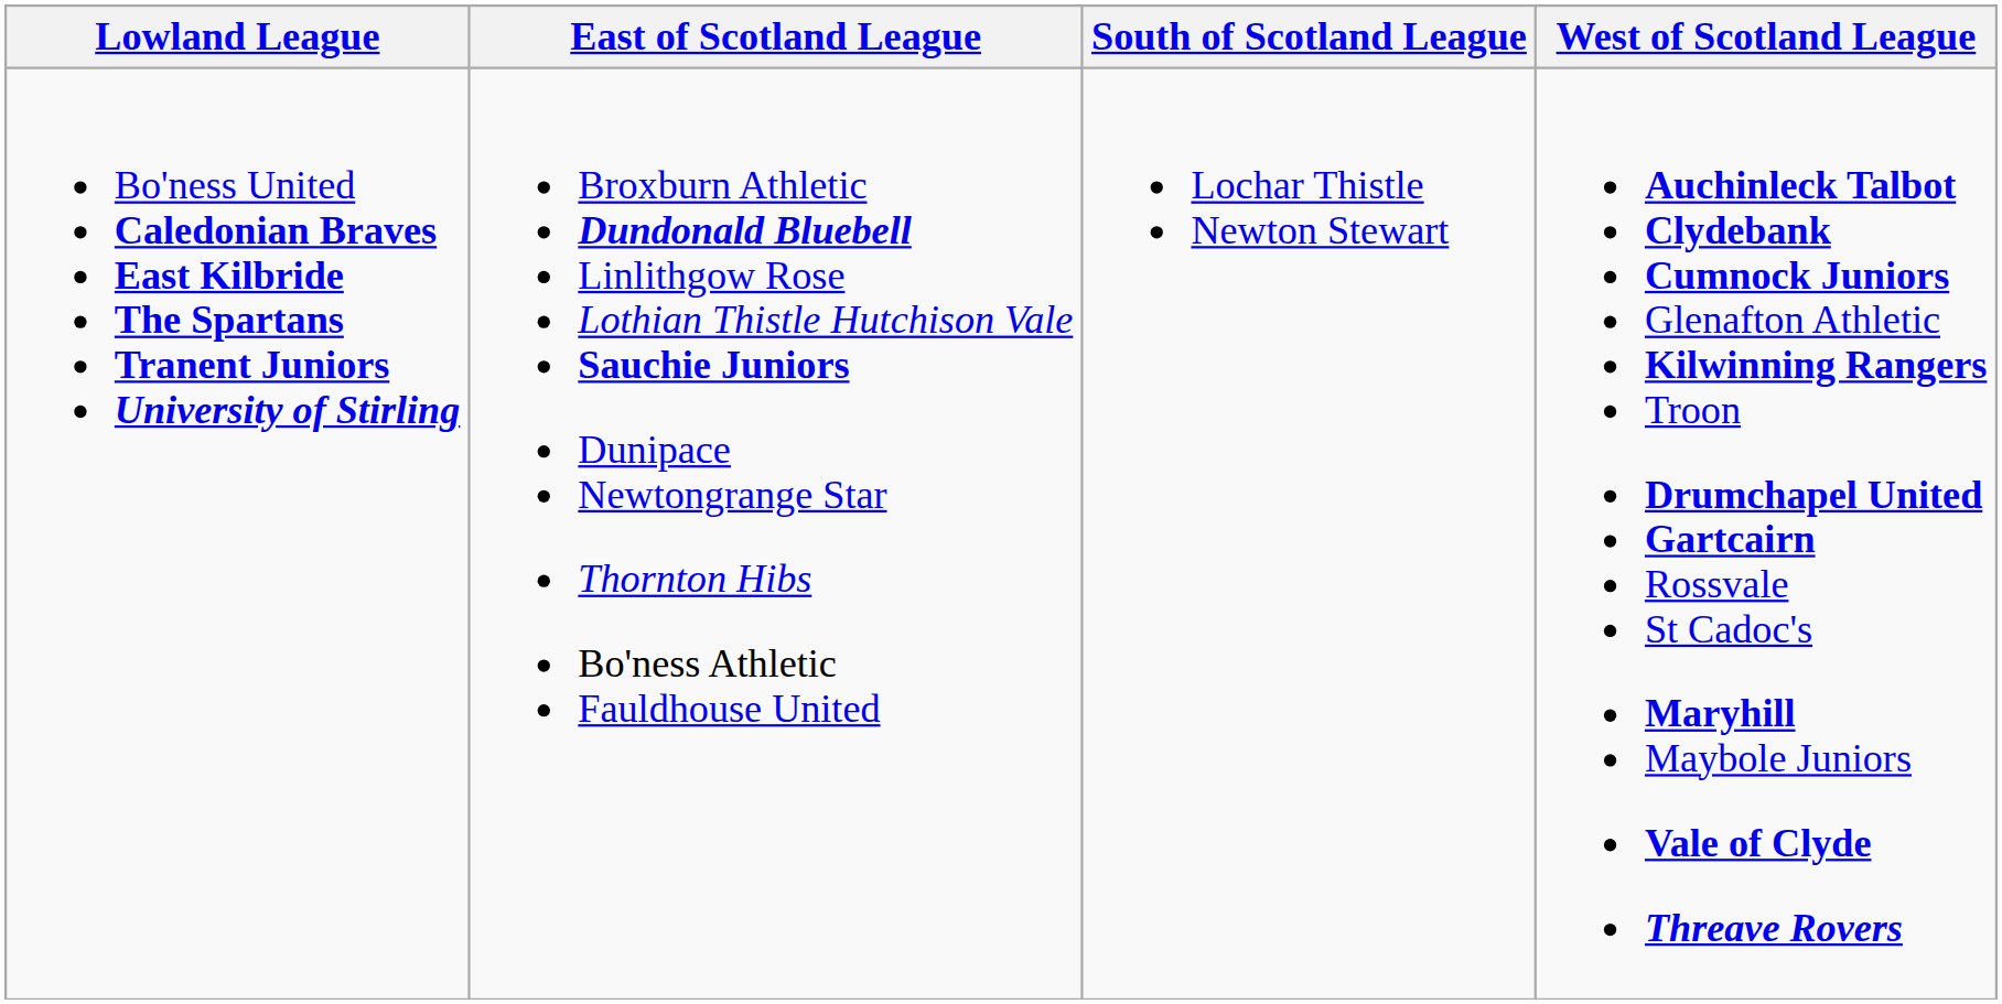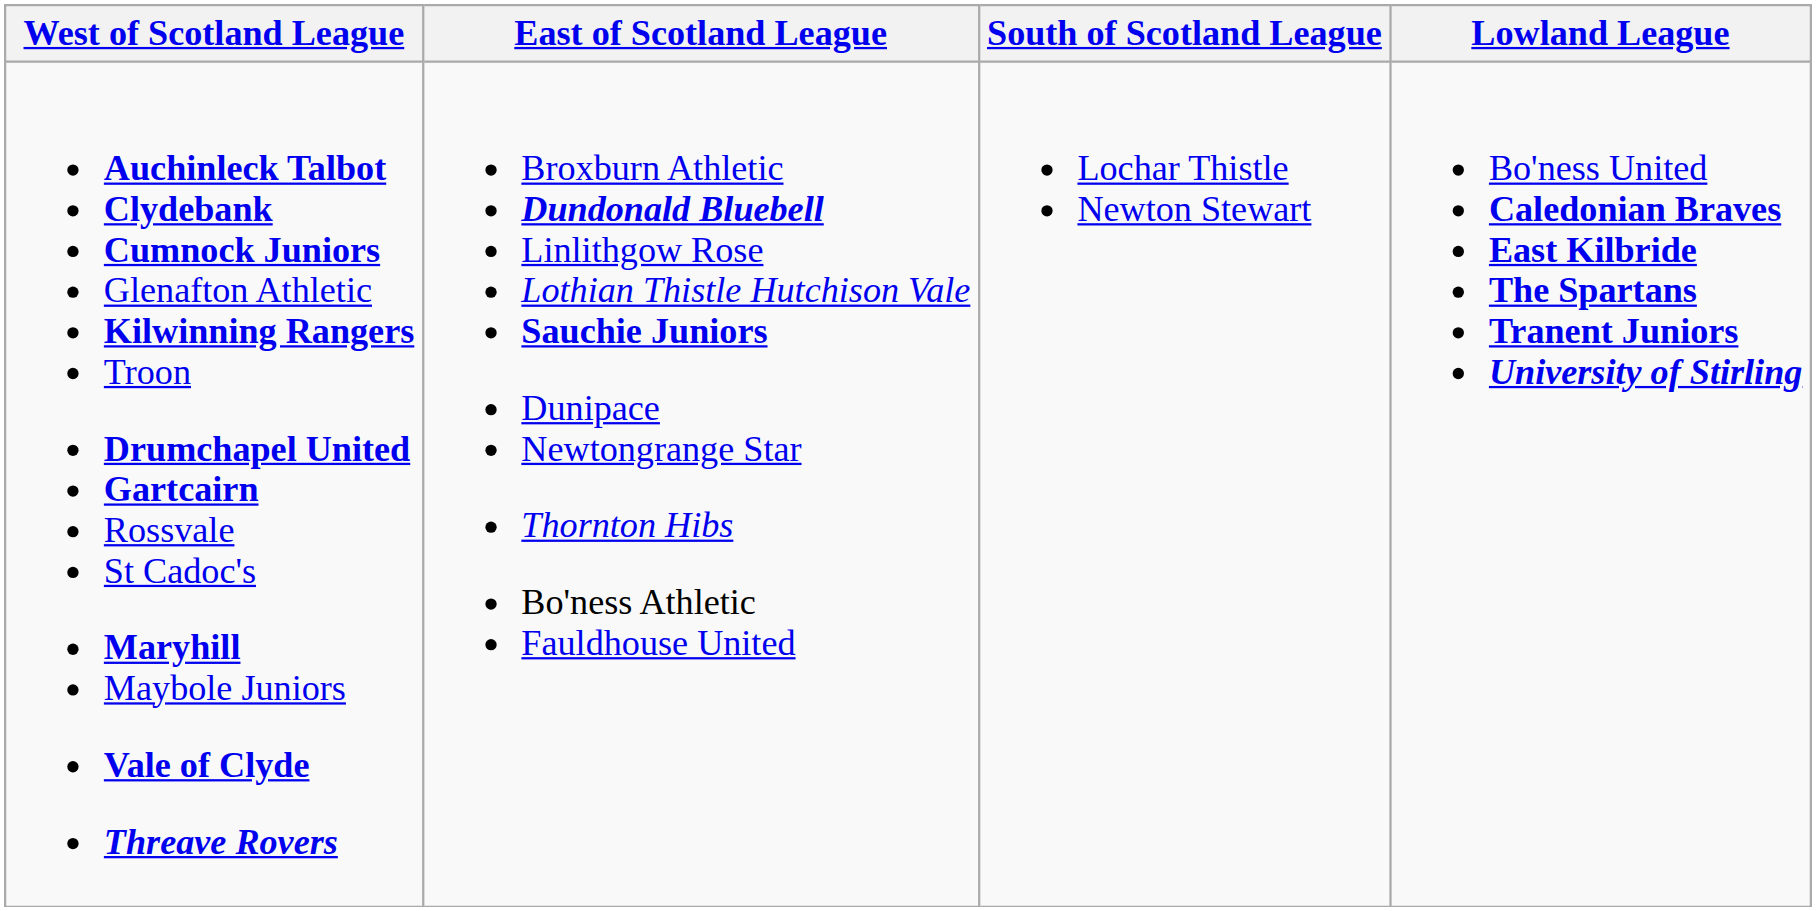 <table class="wikitable" style="text-align:left">
 <tr>
-<th><a href='#'>Lowland League</a></th>
+<th><a href='#'>West of Scotland League</a></th>
 <th><a href='#'>East of Scotland League</a></th>
 <th><a href='#'>South of Scotland League</a></th>
-<th><a href='#'>West of Scotland League</a></th>
+<th><a href='#'>Lowland League</a></th>
 </tr>
 <tr>
-<td valign=top><br><ul><li><a href='#'>Bo'ness United</a></li><li><strong><a href='#'>Caledonian Braves</a></strong></li><li><strong><a href='#'>East Kilbride</a></strong></li><li><strong><a href='#'>The Spartans</a></strong></li><li><strong><a href='#'>Tranent Juniors</a></strong></li><li><strong><em><a href='#'>University of Stirling</a></em></strong></li></ul></td>
+<td valign=top><br><ul><li><strong><a href='#'>Auchinleck Talbot</a></strong></li><li><strong><a href='#'>Clydebank</a></strong></li><li><strong><a href='#'>Cumnock Juniors</a></strong></li><li><a href='#'>Glenafton Athletic</a></li><li><strong><a href='#'>Kilwinning Rangers</a></strong></li><li><a href='#'>Troon</a></li></ul><ul><li><strong><a href='#'>Drumchapel United</a></strong></li><li><strong><a href='#'>Gartcairn</a></strong></li><li><a href='#'>Rossvale</a></li><li><a href='#'>St Cadoc's</a></li></ul><ul><li><strong><a href='#'>Maryhill</a></strong></li><li><a href='#'>Maybole Juniors</a></li></ul><ul><li><strong><a href='#'>Vale of Clyde</a></strong></li></ul><ul><li><strong><em><a href='#'>Threave Rovers</a></em></strong></li></ul></td>
 <td valign=top><br><ul><li><a href='#'>Broxburn Athletic</a></li><li><strong><em><a href='#'>Dundonald Bluebell</a></em></strong></li><li><a href='#'>Linlithgow Rose</a></li><li><em><a href='#'>Lothian Thistle Hutchison Vale</a></em></li><li><strong><a href='#'>Sauchie Juniors</a></strong></li></ul><ul><li><a href='#'>Dunipace</a></li><li><a href='#'>Newtongrange Star</a></li></ul><ul><li><em><a href='#'>Thornton Hibs</a></em></li></ul><ul><li>Bo'ness Athletic</li><li><a href='#'>Fauldhouse United</a></li></ul></td>
 <td valign=top><br><ul><li><a href='#'>Lochar Thistle</a></li><li><a href='#'>Newton Stewart</a></li></ul></td>
-<td valign=top><br><ul><li><strong><a href='#'>Auchinleck Talbot</a></strong></li><li><strong><a href='#'>Clydebank</a></strong></li><li><strong><a href='#'>Cumnock Juniors</a></strong></li><li><a href='#'>Glenafton Athletic</a></li><li><strong><a href='#'>Kilwinning Rangers</a></strong></li><li><a href='#'>Troon</a></li></ul><ul><li><strong><a href='#'>Drumchapel United</a></strong></li><li><strong><a href='#'>Gartcairn</a></strong></li><li><a href='#'>Rossvale</a></li><li><a href='#'>St Cadoc's</a></li></ul><ul><li><strong><a href='#'>Maryhill</a></strong></li><li><a href='#'>Maybole Juniors</a></li></ul><ul><li><strong><a href='#'>Vale of Clyde</a></strong></li></ul><ul><li><strong><em><a href='#'>Threave Rovers</a></em></strong></li></ul></td>
+<td valign=top><br><ul><li><a href='#'>Bo'ness United</a></li><li><strong><a href='#'>Caledonian Braves</a></strong></li><li><strong><a href='#'>East Kilbride</a></strong></li><li><strong><a href='#'>The Spartans</a></strong></li><li><strong><a href='#'>Tranent Juniors</a></strong></li><li><strong><em><a href='#'>University of Stirling</a></em></strong></li></ul></td>
 </tr>
 </table>
